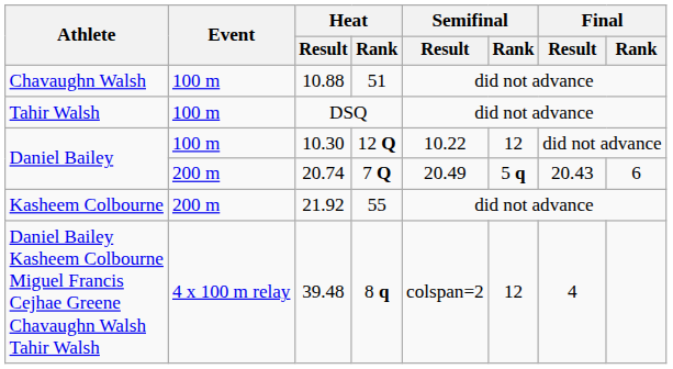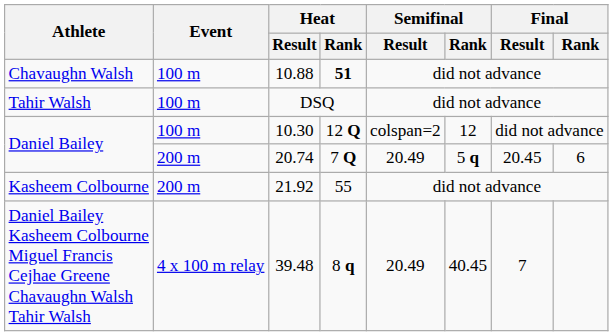 <table class=wikitable style="font-size:90%">
 <tr>
 <th rowspan="2">Athlete</th>
 <th rowspan="2">Event</th>
 <th colspan="2">Heat</th>
 <th colspan="2">Semifinal</th>
 <th colspan="2">Final</th>
 </tr>
 <tr style="font-size:95%">
 <th>Result</th>
 <th>Rank</th>
 <th>Result</th>
 <th>Rank</th>
 <th>Result</th>
 <th>Rank</th>
 </tr>
 <tr align=center>
 <td align=left><a href='#'>Chavaughn Walsh</a></td>
 <td align=left><a href='#'>100 m</a></td>
 <td>10.88</td>
-<td>51</td>
+<td><strong>51</strong></td>
 <td colspan=4>did not advance</td>
 </tr>
 <tr align=center>
 <td align=left><a href='#'>Tahir Walsh</a></td>
 <td align=left><a href='#'>100 m</a></td>
 <td colspan=2>DSQ</td>
 <td colspan=4>did not advance</td>
 </tr>
 <tr align=center>
 <td align=left rowspan="2"><a href='#'>Daniel Bailey</a></td>
 <td align=left><a href='#'>100 m</a></td>
 <td>10.30</td>
 <td>12 <strong>Q</strong></td>
-<td>10.22</td>
+<td>colspan=2 </td>
 <td>12</td>
 <td colspan=2>did not advance</td>
 </tr>
 <tr align=center>
 <td align=left><a href='#'>200 m</a></td>
 <td>20.74</td>
 <td>7 <strong>Q</strong></td>
 <td>20.49</td>
 <td>5 <strong>q</strong></td>
-<td>20.43</td>
+<td>20.45</td>
 <td>6</td>
 </tr>
 <tr align=center>
 <td align=left><a href='#'>Kasheem Colbourne</a></td>
 <td align=left><a href='#'>200 m</a></td>
 <td>21.92</td>
 <td>55</td>
 <td colspan=4>did not advance</td>
 </tr>
 <tr align=center>
 <td align=left><a href='#'>Daniel Bailey</a><br><a href='#'>Kasheem Colbourne</a><br><a href='#'>Miguel Francis</a><br><a href='#'>Cejhae Greene</a><br><a href='#'>Chavaughn Walsh</a><br><a href='#'>Tahir Walsh</a></td>
 <td align=left><a href='#'>4 x 100 m relay</a></td>
 <td>39.48</td>
 <td>8 <strong>q</strong></td>
-<td>colspan=2 </td>
-<td>12</td>
-<td>4</td>
+<td>20.49</td>
+<td>40.45</td>
+<td>7</td>
 </tr>
 </table>
